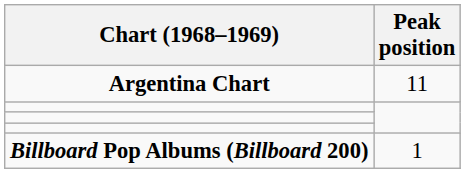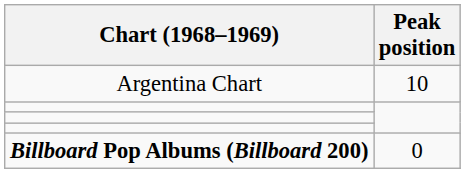 <table class="wikitable sortable plainrowheaders" style="text-align:center">
 <tr>
 <th scope="col">Chart (1968–1969)</th>
 <th scope="col">Peak<br> position</th>
 </tr>
 <tr>
-<td><strong>Argentina Chart</strong></td>
-<td align="center">11</td>
+<td>Argentina Chart</td>
+<td align="center">10</td>
 </tr>
 <tr>
 <td></td>
 </tr>
 <tr>
 <td></td>
 </tr>
 <tr>
 <td></td>
 </tr>
 <tr>
 <td><strong><em>Billboard</em> Pop Albums (<em>Billboard</em> 200)</strong></td>
-<td align="center">1</td>
+<td align="center">0</td>
 </tr>
 </table>
